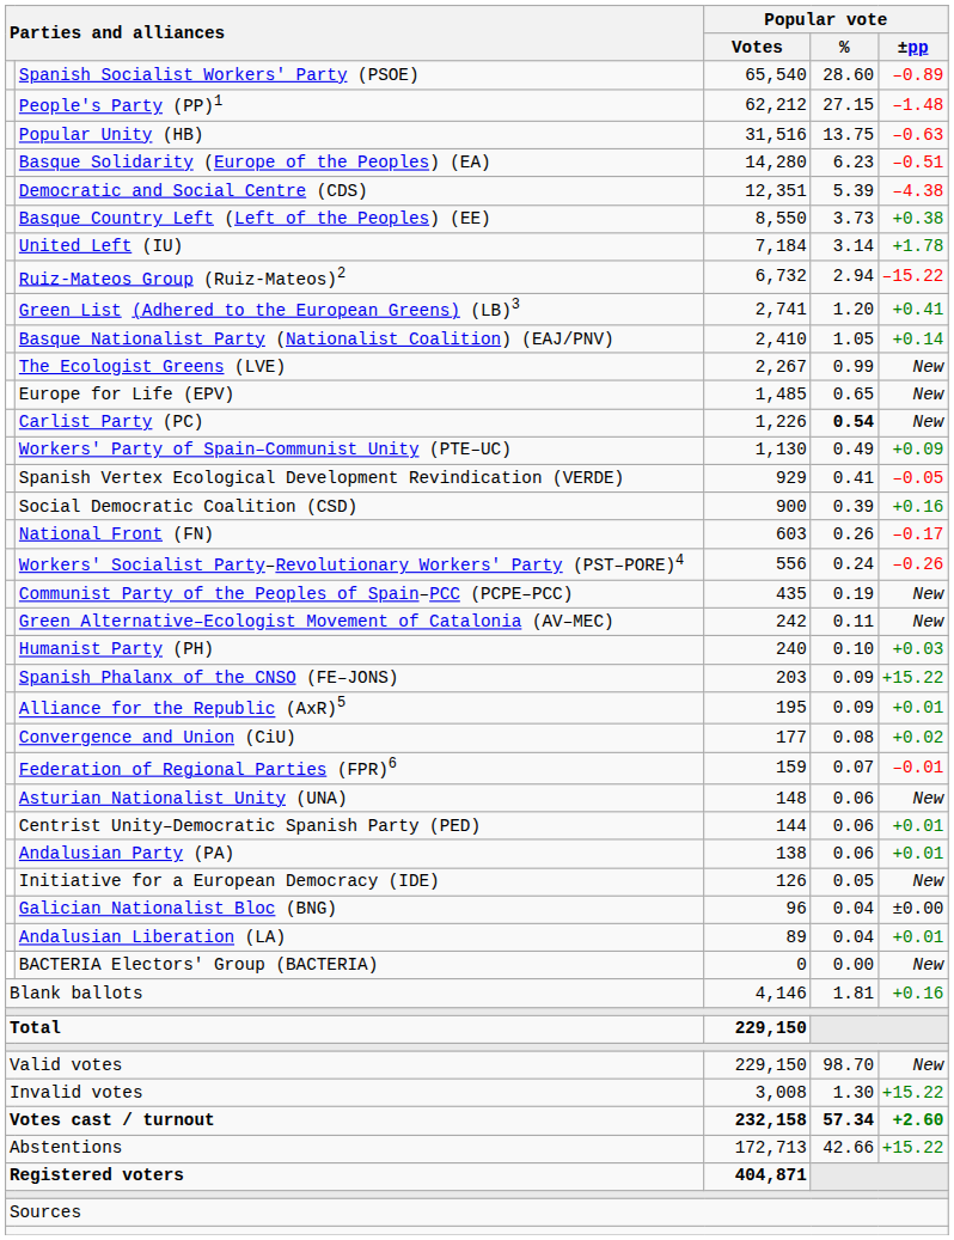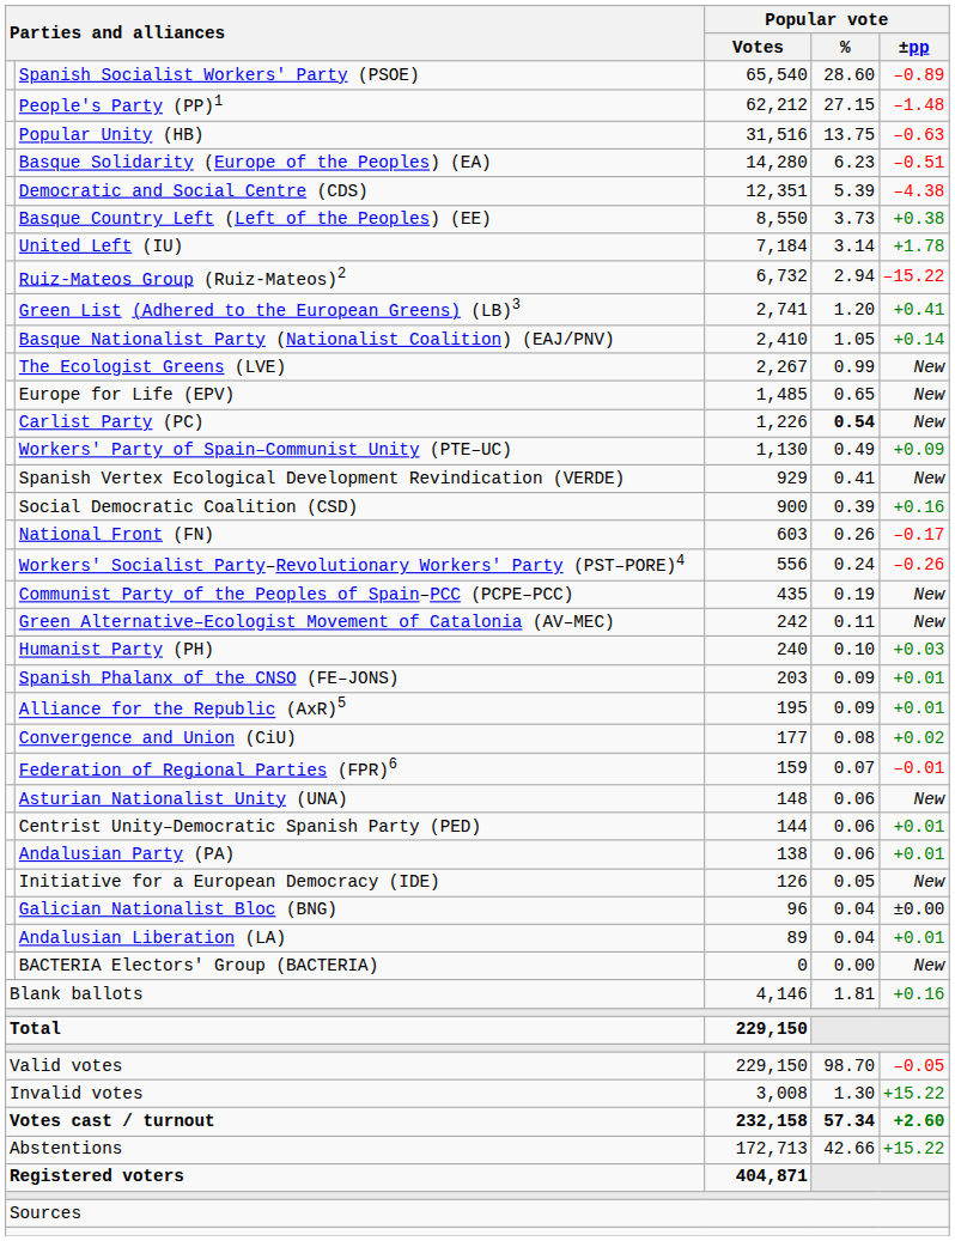 <table class="wikitable" style="text-align:right">
 <tr>
 <th style="text-align:left;" rowspan="2" colspan="2" width="525">Parties and alliances</th>
 <th colspan="3">Popular vote</th>
 </tr>
 <tr>
 <th width="75">Votes</th>
 <th width="45">%</th>
 <th width="45">±<a href='#'>pp</a></th>
 </tr>
 <tr>
 <td width="1" style="color:inherit;background:"></td>
 <td align="left"><a href='#'>Spanish Socialist Workers' Party</a> (PSOE)</td>
 <td>65,540</td>
 <td>28.60</td>
 <td style="color:red;">–0.89</td>
 </tr>
 <tr>
 <td style="color:inherit;background:"></td>
 <td align="left"><a href='#'>People's Party</a> (PP)<sup>1</sup></td>
 <td>62,212</td>
 <td>27.15</td>
 <td style="color:red;">–1.48</td>
 </tr>
 <tr>
 <td style="color:inherit;background:"></td>
 <td align="left"><a href='#'>Popular Unity</a> (HB)</td>
 <td>31,516</td>
 <td>13.75</td>
 <td style="color:red;">–0.63</td>
 </tr>
 <tr>
 <td style="color:inherit;background:"></td>
 <td align="left"><a href='#'>Basque Solidarity</a> (<a href='#'>Europe of the Peoples</a>) (EA)</td>
 <td>14,280</td>
 <td>6.23</td>
 <td style="color:red;">–0.51</td>
 </tr>
 <tr>
 <td style="color:inherit;background:"></td>
 <td align="left"><a href='#'>Democratic and Social Centre</a> (CDS)</td>
 <td>12,351</td>
 <td>5.39</td>
 <td style="color:red;">–4.38</td>
 </tr>
 <tr>
 <td style="color:inherit;background:"></td>
 <td align="left"><a href='#'>Basque Country Left</a> (<a href='#'>Left of the Peoples</a>) (EE)</td>
 <td>8,550</td>
 <td>3.73</td>
 <td style="color:green;">+0.38</td>
 </tr>
 <tr>
 <td style="color:inherit;background:"></td>
 <td align="left"><a href='#'>United Left</a> (IU)</td>
 <td>7,184</td>
 <td>3.14</td>
 <td style="color:green;">+1.78</td>
 </tr>
 <tr>
 <td style="color:inherit;background:"></td>
 <td align="left"><a href='#'>Ruiz-Mateos Group</a> (Ruiz-Mateos)<sup>2</sup></td>
 <td>6,732</td>
 <td>2.94</td>
 <td style="color:red;">–15.22</td>
 </tr>
 <tr>
 <td style="color:inherit;background:"></td>
 <td align="left"><a href='#'>Green List</a> <a href='#'>(Adhered to the European Greens)</a> (LB)<sup>3</sup></td>
 <td>2,741</td>
 <td>1.20</td>
 <td style="color:green;">+0.41</td>
 </tr>
 <tr>
 <td style="color:inherit;background:"></td>
 <td align="left"><a href='#'>Basque Nationalist Party</a> (<a href='#'>Nationalist Coalition</a>) (EAJ/PNV)</td>
 <td>2,410</td>
 <td>1.05</td>
 <td style="color:green;">+0.14</td>
 </tr>
 <tr>
 <td style="color:inherit;background:"></td>
 <td align="left"><a href='#'>The Ecologist Greens</a> (LVE)</td>
 <td>2,267</td>
 <td>0.99</td>
 <td><em>New</em></td>
 </tr>
 <tr>
 <td bgcolor="white"></td>
 <td align="left">Europe for Life (EPV)</td>
 <td>1,485</td>
 <td>0.65</td>
 <td><em>New</em></td>
 </tr>
 <tr>
 <td style="color:inherit;background:"></td>
 <td align="left"><a href='#'>Carlist Party</a> (PC)</td>
 <td>1,226</td>
 <td><strong>0.54</strong></td>
 <td><em>New</em></td>
 </tr>
 <tr>
 <td style="color:inherit;background:"></td>
 <td align="left"><a href='#'>Workers' Party of Spain–Communist Unity</a> (PTE–UC)</td>
 <td>1,130</td>
 <td>0.49</td>
 <td style="color:green;">+0.09</td>
 </tr>
 <tr>
 <td style="color:inherit;background:"></td>
 <td align="left">Spanish Vertex Ecological Development Revindication (VERDE)</td>
 <td>929</td>
 <td>0.41</td>
-<td style="color:red;">–0.05</td>
+<td><em>New</em></td>
 </tr>
 <tr>
 <td style="color:inherit;background:"></td>
 <td align="left">Social Democratic Coalition (CSD)</td>
 <td>900</td>
 <td>0.39</td>
 <td style="color:green;">+0.16</td>
 </tr>
 <tr>
 <td style="color:inherit;background:"></td>
 <td align="left"><a href='#'>National Front</a> (FN)</td>
 <td>603</td>
 <td>0.26</td>
 <td style="color:red;">–0.17</td>
 </tr>
 <tr>
 <td style="color:inherit;background:"></td>
 <td align="left"><a href='#'>Workers' Socialist Party</a>–<a href='#'>Revolutionary Workers' Party</a> (PST–PORE)<sup>4</sup></td>
 <td>556</td>
 <td>0.24</td>
 <td style="color:red;">–0.26</td>
 </tr>
 <tr>
 <td style="color:inherit;background:"></td>
 <td align="left"><a href='#'>Communist Party of the Peoples of Spain</a>–<a href='#'>PCC</a> (PCPE–PCC)</td>
 <td>435</td>
 <td>0.19</td>
 <td><em>New</em></td>
 </tr>
 <tr>
 <td style="color:inherit;background:"></td>
 <td align="left"><a href='#'>Green Alternative–Ecologist Movement of Catalonia</a> (AV–MEC)</td>
 <td>242</td>
 <td>0.11</td>
 <td><em>New</em></td>
 </tr>
 <tr>
 <td style="color:inherit;background:"></td>
 <td align="left"><a href='#'>Humanist Party</a> (PH)</td>
 <td>240</td>
 <td>0.10</td>
 <td style="color:green;">+0.03</td>
 </tr>
 <tr>
 <td style="color:inherit;background:"></td>
 <td align="left"><a href='#'>Spanish Phalanx of the CNSO</a> (FE–JONS)</td>
 <td>203</td>
 <td>0.09</td>
-<td style="color:green;">+15.22</td>
+<td style="color:green;">+0.01</td>
 </tr>
 <tr>
 <td style="color:inherit;background:"></td>
 <td align="left"><a href='#'>Alliance for the Republic</a> (AxR)<sup>5</sup></td>
 <td>195</td>
 <td>0.09</td>
 <td style="color:green;">+0.01</td>
 </tr>
 <tr>
 <td style="color:inherit;background:"></td>
 <td align="left"><a href='#'>Convergence and Union</a> (CiU)</td>
 <td>177</td>
 <td>0.08</td>
 <td style="color:green;">+0.02</td>
 </tr>
 <tr>
 <td style="color:inherit;background:"></td>
 <td align="left"><a href='#'>Federation of Regional Parties</a> (FPR)<sup>6</sup></td>
 <td>159</td>
 <td>0.07</td>
 <td style="color:red;">–0.01</td>
 </tr>
 <tr>
 <td style="color:inherit;background:"></td>
 <td align="left"><a href='#'>Asturian Nationalist Unity</a> (UNA)</td>
 <td>148</td>
 <td>0.06</td>
 <td><em>New</em></td>
 </tr>
 <tr>
 <td bgcolor="white"></td>
 <td align="left">Centrist Unity–Democratic Spanish Party (PED)</td>
 <td>144</td>
 <td>0.06</td>
 <td style="color:green;">+0.01</td>
 </tr>
 <tr>
 <td style="color:inherit;background:"></td>
 <td align="left"><a href='#'>Andalusian Party</a> (PA)</td>
 <td>138</td>
 <td>0.06</td>
 <td style="color:green;">+0.01</td>
 </tr>
 <tr>
 <td bgcolor="white"></td>
 <td align="left">Initiative for a European Democracy (IDE)</td>
 <td>126</td>
 <td>0.05</td>
 <td><em>New</em></td>
 </tr>
 <tr>
 <td style="color:inherit;background:"></td>
 <td align="left"><a href='#'>Galician Nationalist Bloc</a> (BNG)</td>
 <td>96</td>
 <td>0.04</td>
 <td>±0.00</td>
 </tr>
 <tr>
 <td style="color:inherit;background:"></td>
 <td align="left"><a href='#'>Andalusian Liberation</a> (LA)</td>
 <td>89</td>
 <td>0.04</td>
 <td style="color:green;">+0.01</td>
 </tr>
 <tr>
 <td bgcolor="white"></td>
 <td align="left">BACTERIA Electors' Group (BACTERIA)</td>
 <td>0</td>
 <td>0.00</td>
 <td><em>New</em></td>
 </tr>
 <tr>
 <td align="left" colspan="2">Blank ballots</td>
 <td>4,146</td>
 <td>1.81</td>
 <td style="color:green;">+0.16</td>
 </tr>
 <tr>
 <td colspan="5" bgcolor="#E9E9E9"></td>
 </tr>
 <tr style="font-weight:bold;">
 <td align="left" colspan="2">Total</td>
 <td>229,150</td>
 <td bgcolor="#E9E9E9" colspan="2"></td>
 </tr>
 <tr>
 <td colspan="5" bgcolor="#E9E9E9"></td>
 </tr>
 <tr>
 <td align="left" colspan="2">Valid votes</td>
 <td>229,150</td>
 <td>98.70</td>
-<td><em>New</em></td>
+<td style="color:red;">–0.05</td>
 </tr>
 <tr>
 <td align="left" colspan="2">Invalid votes</td>
 <td>3,008</td>
 <td>1.30</td>
 <td style="color:green;">+15.22</td>
 </tr>
 <tr style="font-weight:bold;">
 <td align="left" colspan="2">Votes cast / turnout</td>
 <td>232,158</td>
 <td>57.34</td>
 <td style="color:green;">+2.60</td>
 </tr>
 <tr>
 <td align="left" colspan="2">Abstentions</td>
 <td>172,713</td>
 <td>42.66</td>
 <td style="color:green;">+15.22</td>
 </tr>
 <tr style="font-weight:bold;">
 <td align="left" colspan="2">Registered voters</td>
 <td>404,871</td>
 <td bgcolor="#E9E9E9" colspan="2"></td>
 </tr>
 <tr>
 <td colspan="5" bgcolor="#E9E9E9"></td>
 </tr>
 <tr>
 <td align="left" colspan="5">Sources</td>
 </tr>
 <tr>
 <td colspan="5" style="text-align:left; max-width:680px;"></td>
 </tr>
 </table>
